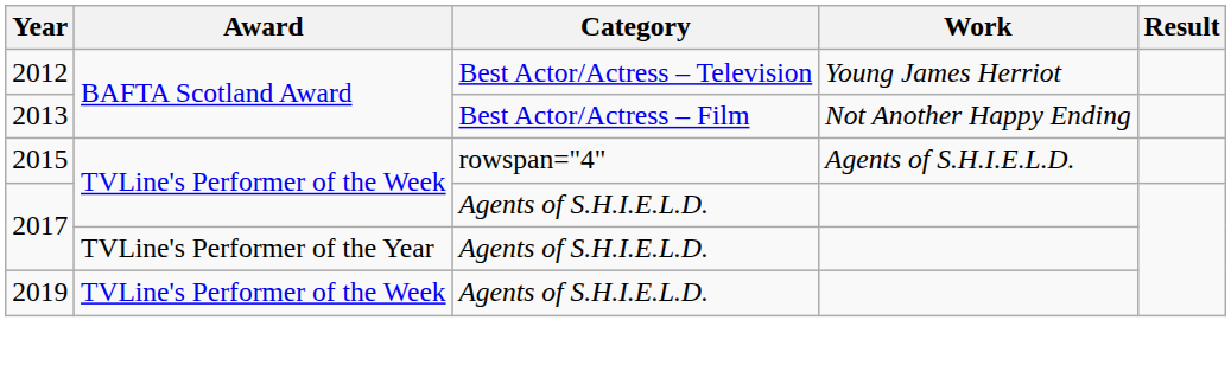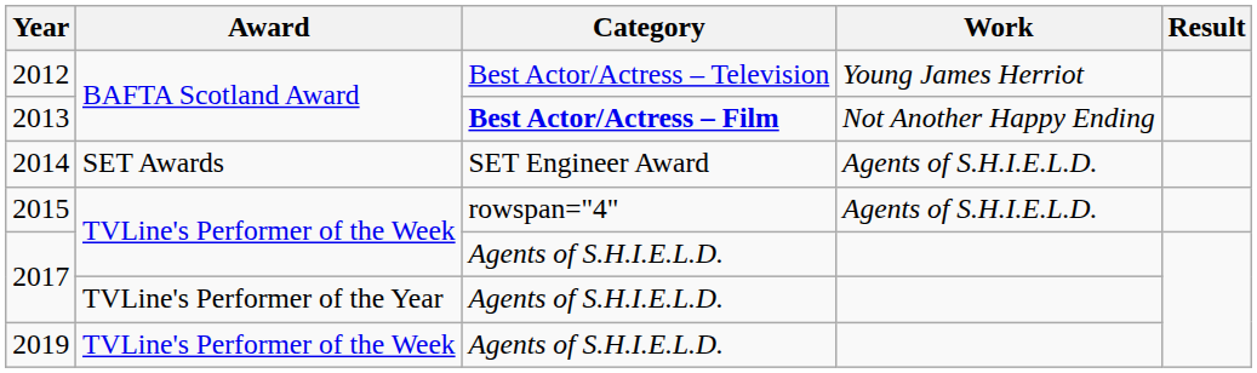 <table class="wikitable">
 <tr>
 <th>Year</th>
 <th>Award</th>
 <th>Category</th>
 <th>Work</th>
 <th>Result</th>
 </tr>
 <tr>
 <td>2012</td>
 <td rowspan="2"><a href='#'>BAFTA Scotland Award</a></td>
 <td><a href='#'>Best Actor/Actress – Television</a></td>
 <td><em>Young James Herriot</em></td>
 <td></td>
 </tr>
 <tr>
 <td>2013</td>
-<td><a href='#'>Best Actor/Actress – Film</a></td>
+<td><strong><a href='#'>Best Actor/Actress – Film</a></strong></td>
 <td><em>Not Another Happy Ending</em></td>
+<td></td>
+</tr>
+<tr>
+<td>2014</td>
+<td>SET Awards</td>
+<td>SET Engineer Award</td>
+<td><em>Agents of S.H.I.E.L.D.</em></td>
 <td></td>
 </tr>
 <tr>
 <td>2015</td>
 <td rowspan="2"><a href='#'>TVLine's Performer of the Week</a></td>
 <td>rowspan="4" </td>
 <td><em>Agents of S.H.I.E.L.D.</em> </td>
 <td></td>
 </tr>
 <tr>
 <td rowspan="2">2017</td>
 <td><em>Agents of S.H.I.E.L.D.</em> </td>
 <td></td>
 </tr>
 <tr>
 <td>TVLine's Performer of the Year</td>
 <td><em>Agents of S.H.I.E.L.D.</em></td>
 <td></td>
 </tr>
 <tr>
 <td>2019</td>
 <td><a href='#'>TVLine's Performer of the Week</a></td>
 <td><em>Agents of S.H.I.E.L.D.</em> </td>
 <td></td>
 </tr>
 </table>
